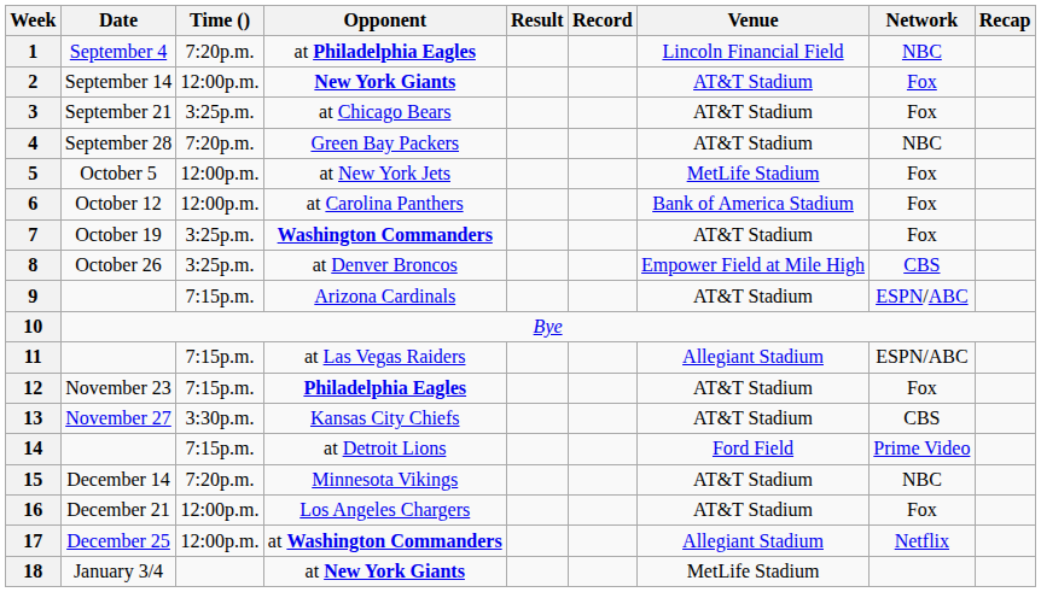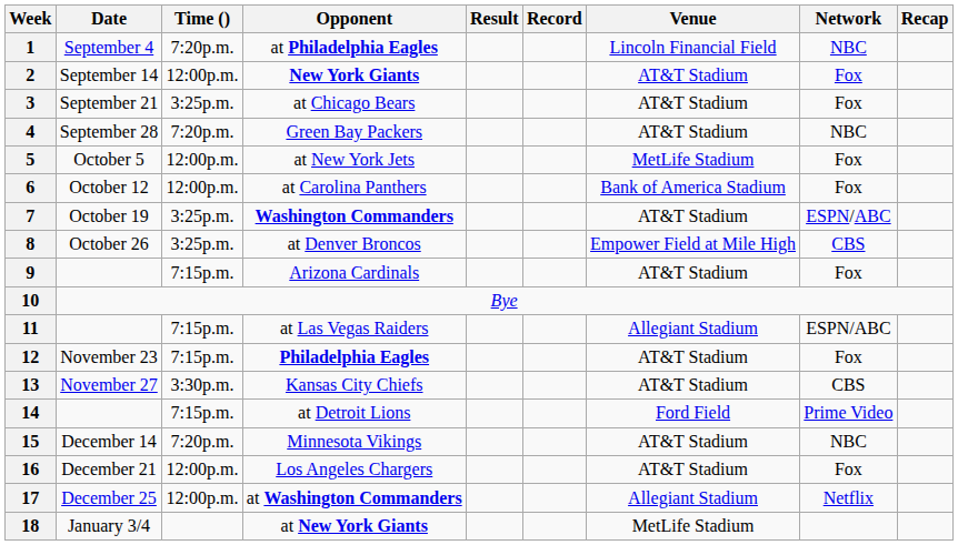 <table class="wikitable" style="text-align:center">
 <tr>
 <th>Week</th>
 <th>Date</th>
 <th>Time (<a href='#'></a>)</th>
 <th>Opponent</th>
 <th>Result</th>
 <th>Record</th>
 <th>Venue</th>
 <th>Network</th>
 <th>Recap</th>
 </tr>
 <tr>
 <th>1 </th>
 <td><a href='#'>September 4</a></td>
 <td>7:20p.m.</td>
 <td>at <strong><a href='#'>Philadelphia Eagles</a></strong></td>
 <td></td>
 <td></td>
 <td><a href='#'>Lincoln Financial Field</a></td>
 <td><a href='#'>NBC</a></td>
 <td></td>
 </tr>
 <tr>
 <th>2 </th>
 <td>September 14</td>
 <td>12:00p.m.</td>
 <td><strong><a href='#'>New York Giants</a></strong></td>
 <td></td>
 <td></td>
 <td><a href='#'>AT&T Stadium</a></td>
 <td><a href='#'>Fox</a></td>
 <td></td>
 </tr>
 <tr>
 <th>3 </th>
 <td>September 21</td>
 <td>3:25p.m.</td>
 <td>at <a href='#'>Chicago Bears</a></td>
 <td></td>
 <td></td>
 <td>AT&T Stadium</td>
 <td>Fox</td>
 <td></td>
 </tr>
 <tr>
 <th>4 </th>
 <td>September 28</td>
 <td>7:20p.m.</td>
 <td><a href='#'>Green Bay Packers</a></td>
 <td></td>
 <td></td>
 <td>AT&T Stadium</td>
 <td>NBC</td>
 <td></td>
 </tr>
 <tr>
 <th>5 </th>
 <td>October 5</td>
 <td>12:00p.m.</td>
 <td>at <a href='#'>New York Jets</a></td>
 <td></td>
 <td></td>
 <td><a href='#'>MetLife Stadium</a></td>
 <td>Fox</td>
 <td></td>
 </tr>
 <tr>
 <th>6 </th>
 <td>October 12</td>
 <td>12:00p.m.</td>
 <td>at <a href='#'>Carolina Panthers</a></td>
 <td></td>
 <td></td>
 <td><a href='#'>Bank of America Stadium</a></td>
 <td>Fox</td>
 <td></td>
 </tr>
 <tr>
 <th>7 </th>
 <td>October 19</td>
 <td>3:25p.m.</td>
 <td><strong><a href='#'>Washington Commanders</a></strong></td>
 <td></td>
 <td></td>
 <td>AT&T Stadium</td>
-<td>Fox</td>
+<td><a href='#'>ESPN</a>/<a href='#'>ABC</a></td>
 <td></td>
 </tr>
 <tr>
 <th>8 </th>
 <td>October 26</td>
 <td>3:25p.m.</td>
 <td>at <a href='#'>Denver Broncos</a></td>
 <td></td>
 <td></td>
 <td><a href='#'>Empower Field at Mile High</a></td>
 <td><a href='#'>CBS</a></td>
 <td></td>
 </tr>
 <tr>
 <th>9 </th>
 <td></td>
 <td>7:15p.m.</td>
 <td><a href='#'>Arizona Cardinals</a></td>
 <td></td>
 <td></td>
 <td>AT&T Stadium</td>
-<td><a href='#'>ESPN</a>/<a href='#'>ABC</a></td>
+<td>Fox</td>
 <td></td>
 </tr>
 <tr>
 <th>10</th>
 <td colspan=8><em><a href='#'>Bye</a></em></td>
 </tr>
 <tr>
 <th>11 </th>
 <td></td>
 <td>7:15p.m.</td>
 <td>at <a href='#'>Las Vegas Raiders</a></td>
 <td></td>
 <td></td>
 <td><a href='#'>Allegiant Stadium</a></td>
 <td>ESPN/ABC</td>
 <td></td>
 </tr>
 <tr>
 <th>12 </th>
 <td>November 23</td>
 <td>7:15p.m.</td>
 <td><strong><a href='#'>Philadelphia Eagles</a></strong></td>
 <td></td>
 <td></td>
 <td>AT&T Stadium</td>
 <td>Fox</td>
 <td></td>
 </tr>
 <tr>
 <th>13 </th>
 <td><a href='#'>November 27</a></td>
 <td>3:30p.m.</td>
 <td><a href='#'>Kansas City Chiefs</a></td>
 <td></td>
 <td></td>
 <td>AT&T Stadium</td>
 <td>CBS</td>
 <td></td>
 </tr>
 <tr>
 <th>14 </th>
 <td></td>
 <td>7:15p.m.</td>
 <td>at <a href='#'>Detroit Lions</a></td>
 <td></td>
 <td></td>
 <td><a href='#'>Ford Field</a></td>
 <td><a href='#'>Prime Video</a></td>
 <td></td>
 </tr>
 <tr>
 <th>15 </th>
 <td>December 14</td>
 <td>7:20p.m.</td>
 <td><a href='#'>Minnesota Vikings</a></td>
 <td></td>
 <td></td>
 <td>AT&T Stadium</td>
 <td>NBC</td>
 <td></td>
 </tr>
 <tr>
 <th>16 </th>
 <td>December 21</td>
 <td>12:00p.m.</td>
 <td><a href='#'>Los Angeles Chargers</a></td>
 <td></td>
 <td></td>
 <td>AT&T Stadium</td>
 <td>Fox</td>
 <td></td>
 </tr>
 <tr>
 <th>17 </th>
 <td><a href='#'>December 25</a></td>
 <td>12:00p.m.</td>
 <td>at <strong><a href='#'>Washington Commanders</a></strong></td>
 <td></td>
 <td></td>
 <td><a href='#'>Allegiant Stadium</a></td>
 <td><a href='#'>Netflix</a></td>
 <td></td>
 </tr>
 <tr>
 <th>18 </th>
 <td>January 3/4</td>
 <td></td>
 <td>at <strong><a href='#'>New York Giants</a></strong></td>
 <td></td>
 <td></td>
 <td>MetLife Stadium</td>
 <td></td>
 <td></td>
 </tr>
 </table>
